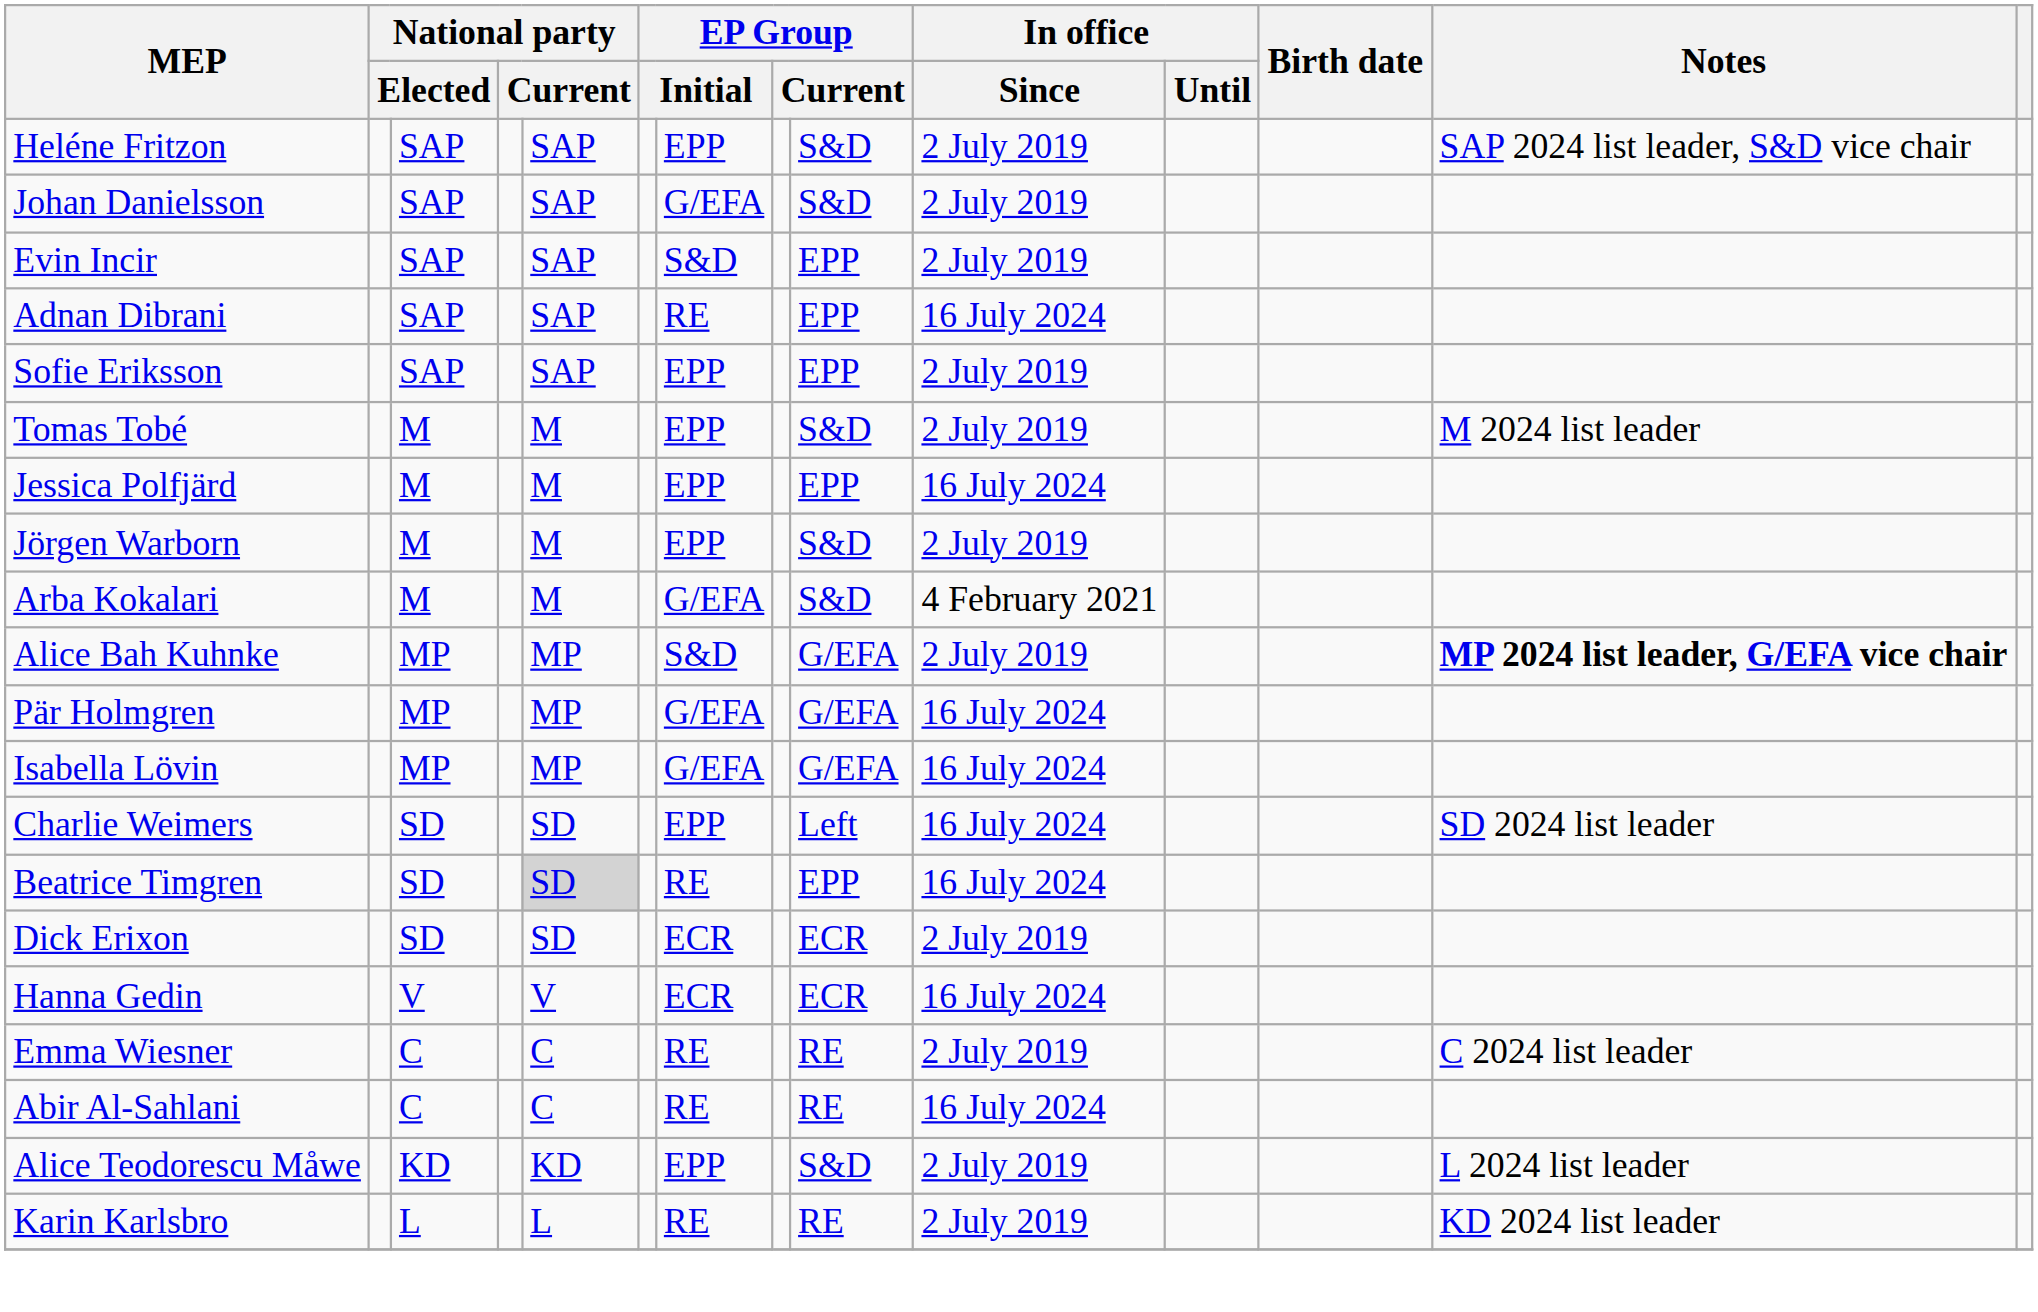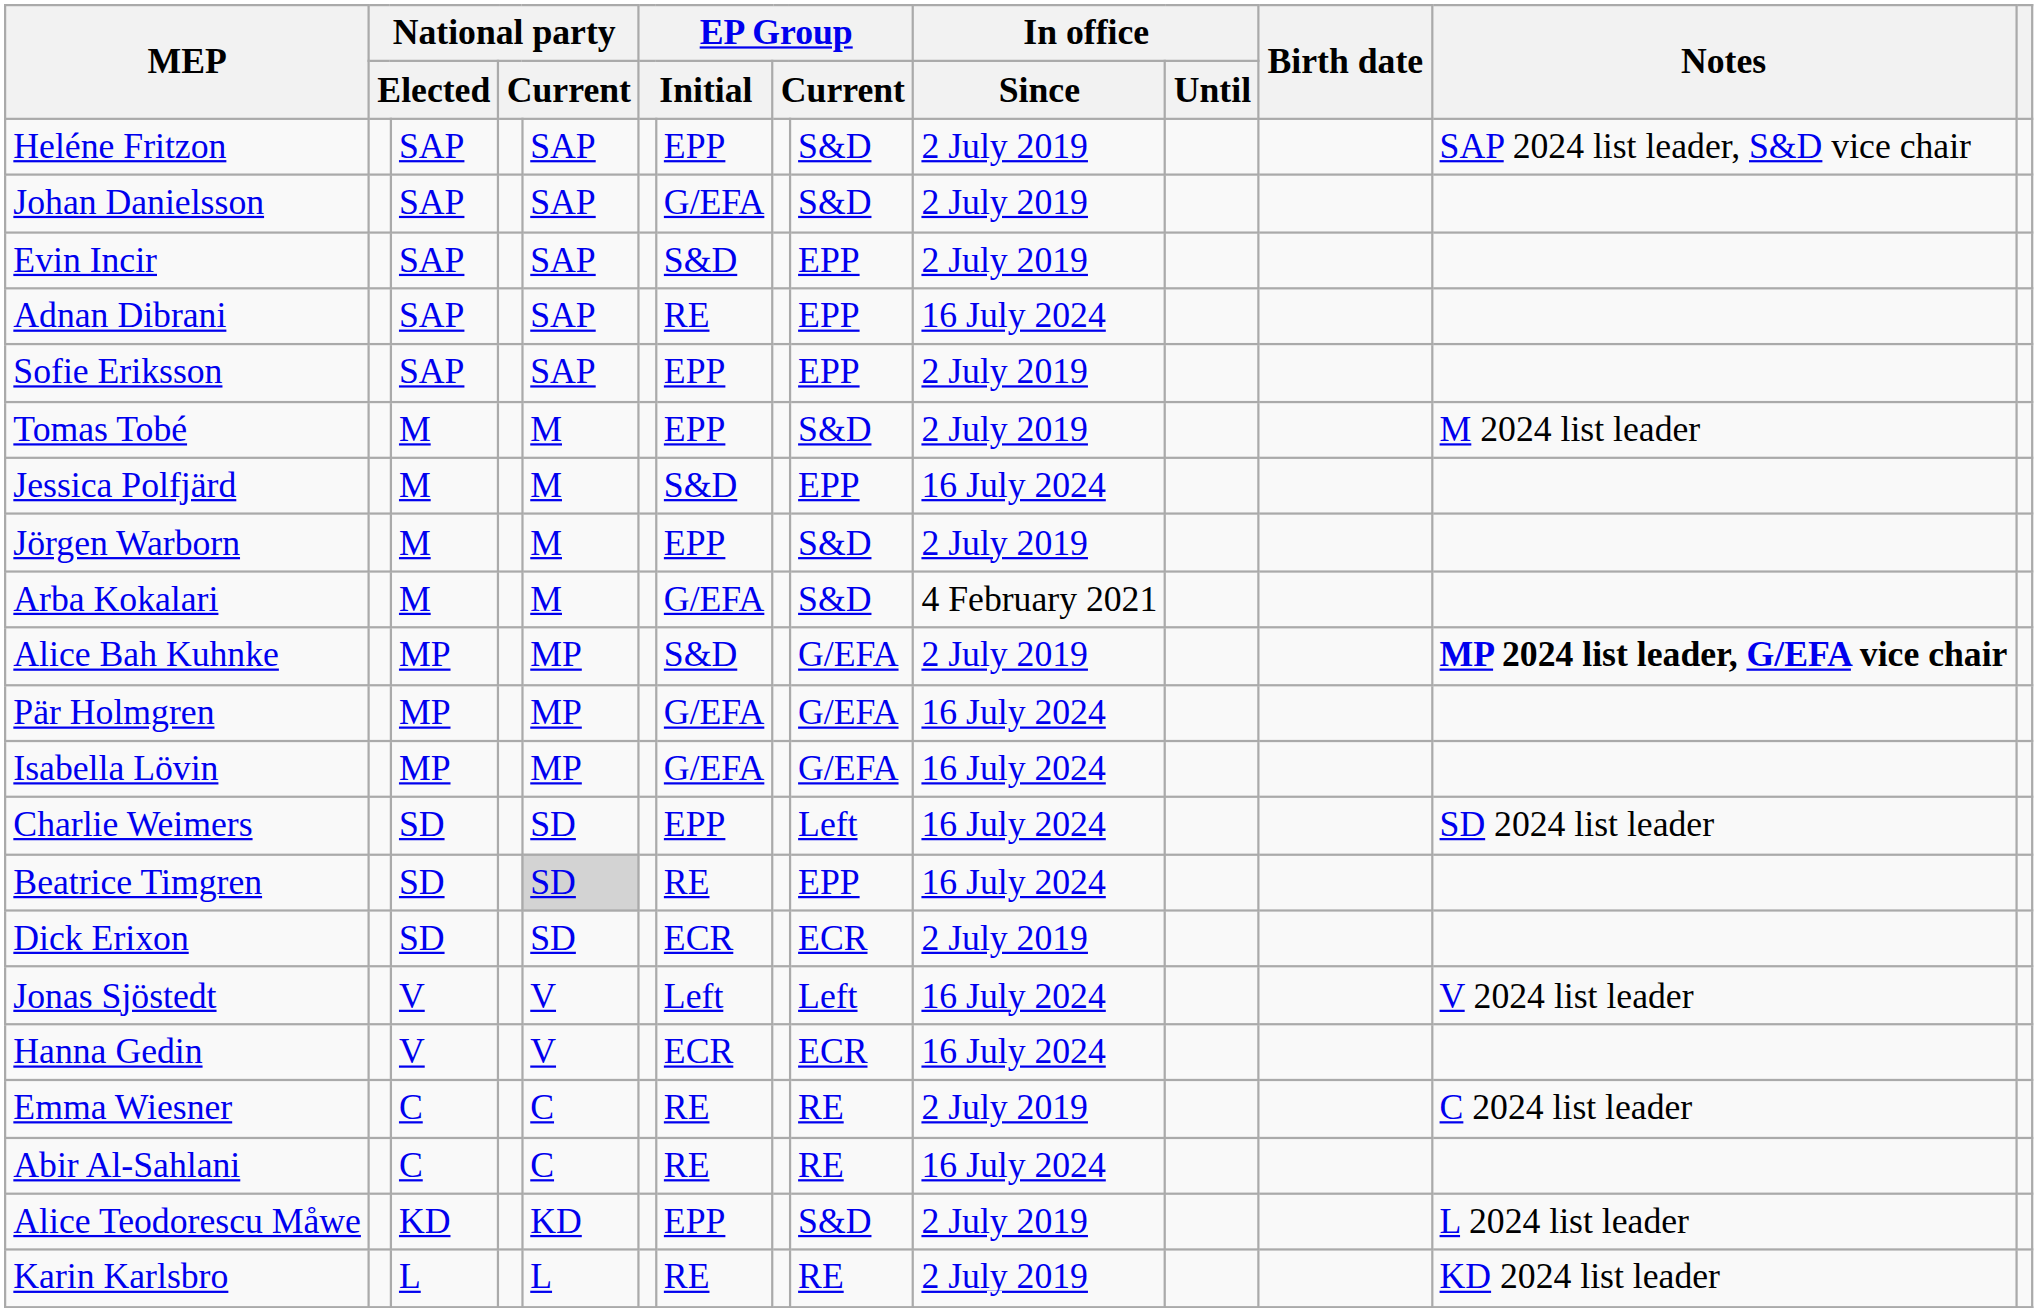 <table class="wikitable sortable" style="text-align:left">
 <tr>
 <th rowspan="2">MEP</th>
 <th colspan="4">National party</th>
 <th colspan="4"><a href='#'>EP Group</a></th>
 <th colspan="2">In office</th>
 <th rowspan="2">Birth date</th>
 <th rowspan="2">Notes</th>
 <th rowspan="2" class="unsortable"></th>
 </tr>
 <tr>
 <th colspan="2">Elected</th>
 <th colspan="2">Current</th>
 <th colspan="2">Initial</th>
 <th colspan="2">Current</th>
 <th>Since</th>
 <th>Until</th>
 </tr>
 <tr>
 <td><a href='#'>Heléne Fritzon</a></td>
 <td style="background: "></td>
 <td><a href='#'>SAP</a></td>
 <td style="background: "></td>
 <td><a href='#'>SAP</a></td>
 <td style="background: "></td>
 <td><a href='#'>EPP</a></td>
 <td style="background: "></td>
 <td><a href='#'>S&D</a></td>
 <td><a href='#'>2 July 2019</a></td>
 <td></td>
 <td></td>
 <td><a href='#'>SAP</a> 2024 list leader, <a href='#'>S&D</a> vice chair</td>
 <td></td>
 </tr>
 <tr>
 <td><a href='#'>Johan Danielsson</a></td>
 <td style="background: "></td>
 <td><a href='#'>SAP</a></td>
 <td style="background: "></td>
 <td><a href='#'>SAP</a></td>
 <td style="background: "></td>
 <td><a href='#'>G/EFA</a></td>
 <td style="background: "></td>
 <td><a href='#'>S&D</a></td>
 <td><a href='#'>2 July 2019</a></td>
 <td></td>
 <td></td>
 <td></td>
 <td></td>
 </tr>
 <tr>
 <td><a href='#'>Evin Incir</a></td>
 <td style="background: "></td>
 <td><a href='#'>SAP</a></td>
 <td style="background: "></td>
 <td><a href='#'>SAP</a></td>
 <td style="background: "></td>
 <td><a href='#'>S&D</a></td>
 <td style="background: "></td>
 <td><a href='#'>EPP</a></td>
 <td><a href='#'>2 July 2019</a></td>
 <td></td>
 <td></td>
 <td></td>
 <td></td>
 </tr>
 <tr>
 <td><a href='#'>Adnan Dibrani</a></td>
 <td style="background: "></td>
 <td><a href='#'>SAP</a></td>
 <td style="background: "></td>
 <td><a href='#'>SAP</a></td>
 <td style="background: "></td>
 <td><a href='#'>RE</a></td>
 <td style="background: "></td>
 <td><a href='#'>EPP</a></td>
 <td><a href='#'>16 July 2024</a></td>
 <td></td>
 <td></td>
 <td></td>
 <td></td>
 </tr>
 <tr>
 <td><a href='#'>Sofie Eriksson</a></td>
 <td style="background: "></td>
 <td><a href='#'>SAP</a></td>
 <td style="background: "></td>
 <td><a href='#'>SAP</a></td>
 <td style="background: "></td>
 <td><a href='#'>EPP</a></td>
 <td style="background: "></td>
 <td><a href='#'>EPP</a></td>
 <td><a href='#'>2 July 2019</a></td>
 <td></td>
 <td></td>
 <td></td>
 <td></td>
 </tr>
 <tr>
 <td><a href='#'>Tomas Tobé</a></td>
 <td style="background: "></td>
 <td><a href='#'>M</a></td>
 <td style="background: "></td>
 <td><a href='#'>M</a></td>
 <td style="background: "></td>
 <td><a href='#'>EPP</a></td>
 <td style="background: "></td>
 <td><a href='#'>S&D</a></td>
 <td><a href='#'>2 July 2019</a></td>
 <td></td>
 <td></td>
 <td><a href='#'>M</a> 2024 list leader</td>
 <td></td>
 </tr>
 <tr>
 <td><a href='#'>Jessica Polfjärd</a></td>
 <td style="background: "></td>
 <td><a href='#'>M</a></td>
 <td style="background: "></td>
 <td><a href='#'>M</a></td>
 <td style="background: "></td>
-<td><a href='#'>EPP</a></td>
+<td><a href='#'>S&D</a></td>
 <td style="background: "></td>
 <td><a href='#'>EPP</a></td>
 <td><a href='#'>16 July 2024</a></td>
 <td></td>
 <td></td>
 <td></td>
 <td></td>
 </tr>
 <tr>
 <td><a href='#'>Jörgen Warborn</a></td>
 <td style="background: "></td>
 <td><a href='#'>M</a></td>
 <td style="background: "></td>
 <td><a href='#'>M</a></td>
 <td style="background: "></td>
 <td><a href='#'>EPP</a></td>
 <td style="background: "></td>
 <td><a href='#'>S&D</a></td>
 <td><a href='#'>2 July 2019</a></td>
 <td></td>
 <td></td>
 <td></td>
 <td></td>
 </tr>
 <tr>
 <td><a href='#'>Arba Kokalari</a></td>
 <td style="background: "></td>
 <td><a href='#'>M</a></td>
 <td style="background: "></td>
 <td><a href='#'>M</a></td>
 <td style="background: "></td>
 <td><a href='#'>G/EFA</a></td>
 <td style="background: "></td>
 <td><a href='#'>S&D</a></td>
 <td>4 February 2021</td>
 <td></td>
 <td></td>
 <td></td>
 <td></td>
 </tr>
 <tr>
 <td><a href='#'>Alice Bah Kuhnke</a></td>
 <td style="background: "></td>
 <td><a href='#'>MP</a></td>
 <td style="background: "></td>
 <td><a href='#'>MP</a></td>
 <td style="background: "></td>
 <td><a href='#'>S&D</a></td>
 <td style="background: "></td>
 <td><a href='#'>G/EFA</a></td>
 <td><a href='#'>2 July 2019</a></td>
 <td></td>
 <td></td>
 <td><strong><a href='#'>MP</a> 2024 list leader, <a href='#'>G/EFA</a> vice chair</strong></td>
 <td></td>
 </tr>
 <tr>
 <td><a href='#'>Pär Holmgren</a></td>
 <td style="background: "></td>
 <td><a href='#'>MP</a></td>
 <td style="background: "></td>
 <td><a href='#'>MP</a></td>
 <td style="background: "></td>
 <td><a href='#'>G/EFA</a></td>
 <td style="background: "></td>
 <td><a href='#'>G/EFA</a></td>
 <td><a href='#'>16 July 2024</a></td>
 <td></td>
 <td></td>
 <td></td>
 <td></td>
 </tr>
 <tr>
 <td><a href='#'>Isabella Lövin</a></td>
 <td style="background: "></td>
 <td><a href='#'>MP</a></td>
 <td style="background: "></td>
 <td><a href='#'>MP</a></td>
 <td style="background: "></td>
 <td><a href='#'>G/EFA</a></td>
 <td style="background: "></td>
 <td><a href='#'>G/EFA</a></td>
 <td><a href='#'>16 July 2024</a></td>
 <td></td>
 <td></td>
 <td></td>
 <td></td>
 </tr>
 <tr>
 <td><a href='#'>Charlie Weimers</a></td>
 <td style="background: "></td>
 <td><a href='#'>SD</a></td>
 <td style="background: "></td>
 <td><a href='#'>SD</a></td>
 <td style="background: "></td>
 <td><a href='#'>EPP</a></td>
 <td style="background: "></td>
 <td><a href='#'>Left</a></td>
 <td><a href='#'>16 July 2024</a></td>
 <td></td>
 <td></td>
 <td><a href='#'>SD</a> 2024 list leader</td>
 <td></td>
 </tr>
 <tr>
 <td><a href='#'>Beatrice Timgren</a></td>
 <td style="background: "></td>
 <td><a href='#'>SD</a></td>
 <td style="background: "></td>
 <td style="background: lightgrey;"><a href='#'>SD</a></td>
 <td style="background: "></td>
 <td><a href='#'>RE</a></td>
 <td style="background: "></td>
 <td><a href='#'>EPP</a></td>
 <td><a href='#'>16 July 2024</a></td>
 <td></td>
 <td></td>
 <td></td>
 <td></td>
 </tr>
 <tr>
 <td><a href='#'>Dick Erixon</a></td>
 <td style="background: "></td>
 <td><a href='#'>SD</a></td>
 <td style="background: "></td>
 <td><a href='#'>SD</a></td>
 <td style="background: "></td>
 <td><a href='#'>ECR</a></td>
 <td style="background: "></td>
 <td><a href='#'>ECR</a></td>
 <td><a href='#'>2 July 2019</a></td>
 <td></td>
 <td></td>
 <td></td>
 <td></td>
 </tr>
 <tr>
+<td><a href='#'>Jonas Sjöstedt</a></td>
+<td style="background: "></td>
+<td><a href='#'>V</a></td>
+<td style="background: "></td>
+<td><a href='#'>V</a></td>
+<td style="background: "></td>
+<td><a href='#'>Left</a></td>
+<td style="background: "></td>
+<td><a href='#'>Left</a></td>
+<td><a href='#'>16 July 2024</a></td>
+<td></td>
+<td></td>
+<td><a href='#'>V</a> 2024 list leader</td>
+<td></td>
+</tr>
+<tr>
 <td><a href='#'>Hanna Gedin</a></td>
 <td style="background: "></td>
 <td><a href='#'>V</a></td>
 <td style="background: "></td>
 <td><a href='#'>V</a></td>
 <td style="background: "></td>
 <td><a href='#'>ECR</a></td>
 <td style="background: "></td>
 <td><a href='#'>ECR</a></td>
 <td><a href='#'>16 July 2024</a></td>
 <td></td>
 <td></td>
 <td></td>
 <td></td>
 </tr>
 <tr>
 <td><a href='#'>Emma Wiesner</a></td>
 <td style="background: "></td>
 <td><a href='#'>C</a></td>
 <td style="background: "></td>
 <td><a href='#'>C</a></td>
 <td style="background: "></td>
 <td><a href='#'>RE</a></td>
 <td style="background: "></td>
 <td><a href='#'>RE</a></td>
 <td><a href='#'>2 July 2019</a></td>
 <td></td>
 <td></td>
 <td><a href='#'>C</a> 2024 list leader</td>
 <td></td>
 </tr>
 <tr>
 <td><a href='#'>Abir Al-Sahlani</a></td>
 <td style="background: "></td>
 <td><a href='#'>C</a></td>
 <td style="background: "></td>
 <td><a href='#'>C</a></td>
 <td style="background: "></td>
 <td><a href='#'>RE</a></td>
 <td style="background: "></td>
 <td><a href='#'>RE</a></td>
 <td><a href='#'>16 July 2024</a></td>
 <td></td>
 <td></td>
 <td></td>
 <td></td>
 </tr>
 <tr>
 <td><a href='#'>Alice Teodorescu Måwe</a></td>
 <td style="background: "></td>
 <td><a href='#'>KD</a></td>
 <td style="background: "></td>
 <td><a href='#'>KD</a></td>
 <td style="background: "></td>
 <td><a href='#'>EPP</a></td>
 <td style="background: "></td>
 <td><a href='#'>S&D</a></td>
 <td><a href='#'>2 July 2019</a></td>
 <td></td>
 <td></td>
 <td><a href='#'>L</a> 2024 list leader</td>
 <td></td>
 </tr>
 <tr>
 <td><a href='#'>Karin Karlsbro</a></td>
 <td style="background: "></td>
 <td><a href='#'>L</a></td>
 <td style="background: "></td>
 <td><a href='#'>L</a></td>
 <td style="background: "></td>
 <td><a href='#'>RE</a></td>
 <td style="background: "></td>
 <td><a href='#'>RE</a></td>
 <td><a href='#'>2 July 2019</a></td>
 <td></td>
 <td></td>
 <td><a href='#'>KD</a> 2024 list leader</td>
 <td></td>
 </tr>
 <tr>
 </tr>
 </table>
